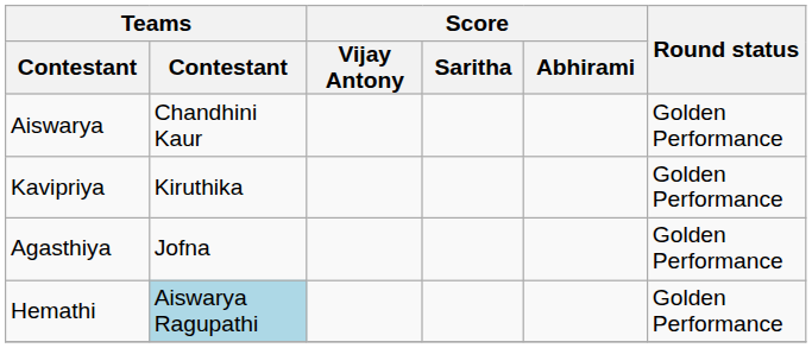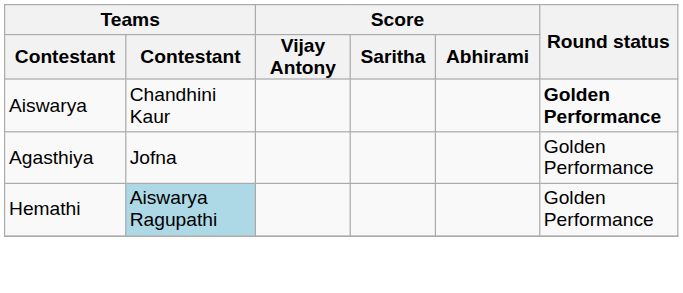 <table class="wikitable" style="align: center;" width="90%">
 <tr>
 <th colspan="2">Teams</th>
 <th colspan="3">Score</th>
 <th rowspan="2">Round status</th>
 </tr>
 <tr>
 <th style="padding: 0 8px">Contestant</th>
 <th style="padding: 0 8px">Contestant</th>
 <th style="padding: 0 8px">Vijay Antony</th>
 <th style="padding: 0 8px">Saritha</th>
 <th style="padding: 0 8px">Abhirami</th>
 </tr>
 <tr>
 <td>Aiswarya</td>
 <td>Chandhini Kaur</td>
 <td></td>
 <td></td>
 <td></td>
-<td>Golden Performance</td>
-</tr>
-<tr>
-<td>Kavipriya</td>
-<td>Kiruthika</td>
-<td></td>
-<td></td>
-<td></td>
-<td>Golden Performance</td>
+<td><strong>Golden Performance</strong></td>
 </tr>
 <tr>
 <td>Agasthiya</td>
 <td>Jofna</td>
 <td></td>
 <td></td>
 <td></td>
 <td>Golden Performance</td>
 </tr>
 <tr>
 <td>Hemathi</td>
 <td style="background: lightblue;">Aiswarya Ragupathi</td>
 <td></td>
 <td></td>
 <td></td>
 <td>Golden Performance</td>
 </tr>
 <tr>
 </tr>
 </table>
